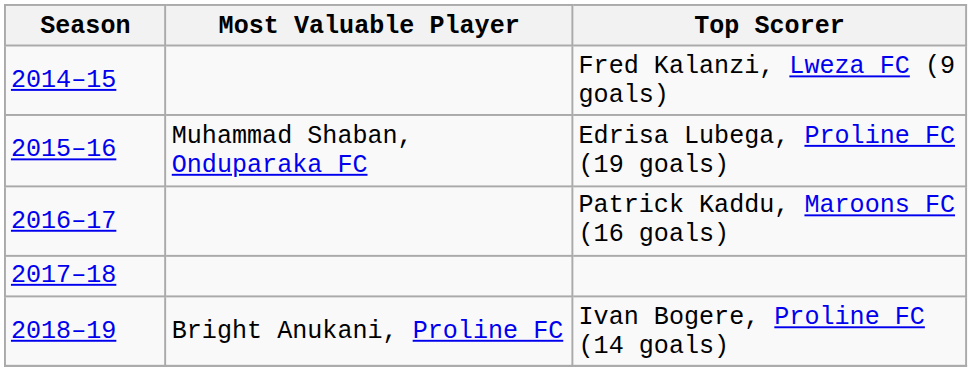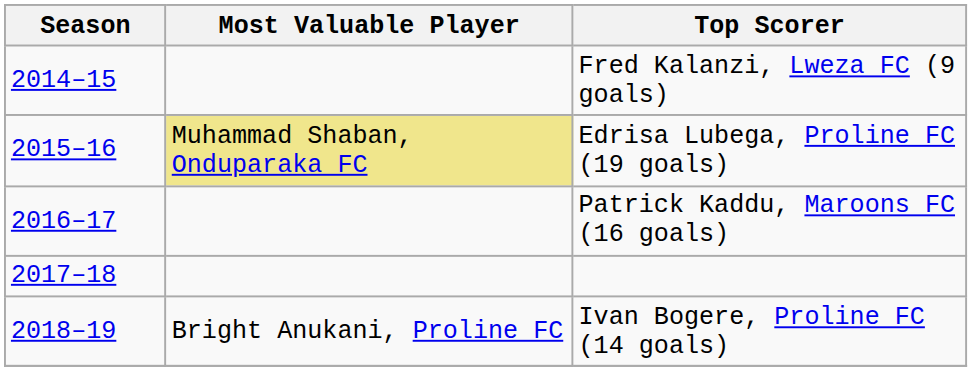 <table class="wikitable" style="width:80%; font-size:100%">
 <tr>
 <th width="100px">Season</th>
 <th width="300px">Most Valuable Player</th>
 <th width="300px">Top Scorer</th>
 </tr>
 <tr>
 <td><a href='#'>2014–15</a></td>
 <td></td>
 <td>Fred Kalanzi, <a href='#'>Lweza FC</a> (9 goals)</td>
 </tr>
 <tr>
 <td><a href='#'>2015–16</a></td>
-<td>Muhammad Shaban, <a href='#'>Onduparaka FC</a></td>
+<td style="background: khaki;">Muhammad Shaban, <a href='#'>Onduparaka FC</a></td>
 <td>Edrisa Lubega, <a href='#'>Proline FC</a> (19 goals)</td>
 </tr>
 <tr>
 <td><a href='#'>2016–17</a></td>
 <td></td>
 <td>Patrick Kaddu, <a href='#'>Maroons FC</a> (16 goals)</td>
 </tr>
 <tr>
 <td><a href='#'>2017–18</a></td>
 <td></td>
 <td></td>
 </tr>
 <tr>
 <td><a href='#'>2018–19</a></td>
 <td>Bright Anukani, <a href='#'>Proline FC</a></td>
 <td>Ivan Bogere, <a href='#'>Proline FC</a> (14 goals)</td>
 </tr>
 <tr>
 </tr>
 </table>
